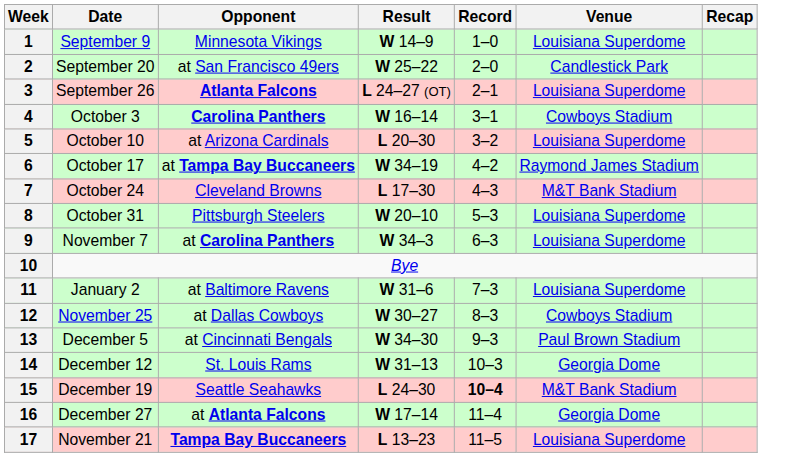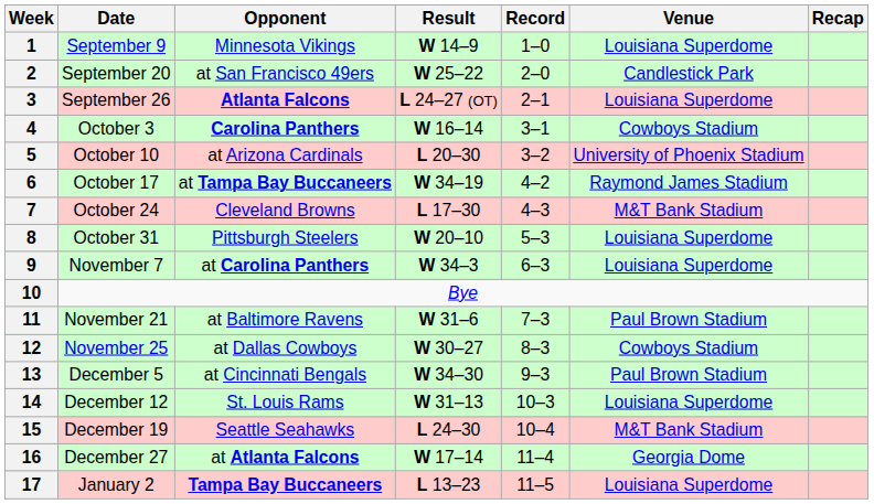 <table class="wikitable" style="text-align:center">
 <tr>
 <th>Week</th>
 <th>Date</th>
 <th>Opponent</th>
 <th>Result</th>
 <th>Record</th>
 <th>Venue</th>
 <th>Recap</th>
 </tr>
 <tr style="background:#cfc;">
 <th>1</th>
 <td style="text-align:center;"><a href='#'>September 9</a></td>
 <td style="text-align:center;"><a href='#'>Minnesota Vikings</a></td>
 <td style="text-align:center;"><strong>W</strong> 14–9</td>
 <td style="text-align:center;">1–0</td>
 <td style="text-align:center;"><a href='#'>Louisiana Superdome</a></td>
 <td style="text-align:center;"></td>
 </tr>
 <tr style="background:#cfc;">
 <th>2</th>
 <td style="text-align:center;">September 20</td>
 <td style="text-align:center;">at <a href='#'>San Francisco 49ers</a></td>
 <td style="text-align:center;"><strong>W</strong> 25–22</td>
 <td style="text-align:center;">2–0</td>
 <td style="text-align:center;"><a href='#'>Candlestick Park</a></td>
 <td style="text-align:center;"></td>
 </tr>
 <tr style="background:#fcc;">
 <th>3</th>
 <td style="text-align:center;">September 26</td>
 <td style="text-align:center;"><strong><a href='#'>Atlanta Falcons</a></strong></td>
 <td style="text-align:center;"><strong>L</strong> 24–27 <small>(OT)</small></td>
 <td style="text-align:center;">2–1</td>
 <td style="text-align:center;"><a href='#'>Louisiana Superdome</a></td>
 <td style="text-align:center;"></td>
 </tr>
 <tr style="background:#cfc;">
 <th>4</th>
 <td style="text-align:center;">October 3</td>
 <td style="text-align:center;"><strong><a href='#'>Carolina Panthers</a></strong></td>
 <td style="text-align:center;"><strong>W</strong> 16–14</td>
 <td style="text-align:center;">3–1</td>
 <td style="text-align:center;"><a href='#'>Cowboys Stadium</a></td>
 <td style="text-align:center;"></td>
 </tr>
 <tr style="background:#fcc;">
 <th>5</th>
 <td style="text-align:center;">October 10</td>
 <td style="text-align:center;">at <a href='#'>Arizona Cardinals</a></td>
 <td style="text-align:center;"><strong>L</strong> 20–30</td>
 <td style="text-align:center;">3–2</td>
-<td style="text-align:center;"><a href='#'>Louisiana Superdome</a></td>
+<td style="text-align:center;"><a href='#'>University of Phoenix Stadium</a></td>
 <td style="text-align:center;"></td>
 </tr>
 <tr style="background:#cfc;">
 <th>6</th>
 <td style="text-align:center;">October 17</td>
 <td style="text-align:center;">at <strong><a href='#'>Tampa Bay Buccaneers</a></strong></td>
 <td style="text-align:center;"><strong>W</strong> 34–19</td>
 <td style="text-align:center;">4–2</td>
 <td style="text-align:center;"><a href='#'>Raymond James Stadium</a></td>
 <td style="text-align:center;"></td>
 </tr>
 <tr style="background:#fcc;">
 <th>7</th>
 <td style="text-align:center;">October 24</td>
 <td style="text-align:center;"><a href='#'>Cleveland Browns</a></td>
 <td style="text-align:center;"><strong>L</strong> 17–30</td>
 <td style="text-align:center;">4–3</td>
 <td style="text-align:center;"><a href='#'>M&T Bank Stadium</a></td>
 <td style="text-align:center;"></td>
 </tr>
 <tr style="background:#cfc;">
 <th>8</th>
 <td style="text-align:center;">October 31</td>
 <td style="text-align:center;"><a href='#'>Pittsburgh Steelers</a></td>
 <td style="text-align:center;"><strong>W</strong> 20–10</td>
 <td style="text-align:center;">5–3</td>
 <td style="text-align:center;"><a href='#'>Louisiana Superdome</a></td>
 <td style="text-align:center;"></td>
 </tr>
 <tr style="background:#cfc;">
 <th>9</th>
 <td style="text-align:center;">November 7</td>
 <td style="text-align:center;">at <strong><a href='#'>Carolina Panthers</a></strong></td>
 <td style="text-align:center;"><strong>W</strong> 34–3</td>
 <td style="text-align:center;">6–3</td>
 <td style="text-align:center;"><a href='#'>Louisiana Superdome</a></td>
 <td style="text-align:center;"></td>
 </tr>
 <tr>
 <th>10</th>
 <td colspan="8" style="text-align:center;"><em><a href='#'>Bye</a></em></td>
 </tr>
 <tr style="background:#cfc;">
 <th>11</th>
-<td style="text-align:center;">January 2</td>
+<td style="text-align:center;">November 21</td>
 <td style="text-align:center;">at <a href='#'>Baltimore Ravens</a></td>
 <td style="text-align:center;"><strong>W</strong> 31–6</td>
 <td style="text-align:center;">7–3</td>
-<td style="text-align:center;"><a href='#'>Louisiana Superdome</a></td>
+<td style="text-align:center;"><a href='#'>Paul Brown Stadium</a></td>
 <td style="text-align:center;"></td>
 </tr>
 <tr style="background:#cfc;">
 <th>12</th>
 <td style="text-align:center;"><a href='#'>November 25</a></td>
 <td style="text-align:center;">at <a href='#'>Dallas Cowboys</a></td>
 <td style="text-align:center;"><strong>W</strong> 30–27</td>
 <td style="text-align:center;">8–3</td>
 <td style="text-align:center;"><a href='#'>Cowboys Stadium</a></td>
 <td style="text-align:center;"></td>
 </tr>
 <tr style="background:#cfc;">
 <th>13</th>
 <td style="text-align:center;">December 5</td>
 <td style="text-align:center;">at <a href='#'>Cincinnati Bengals</a></td>
 <td style="text-align:center;"><strong>W</strong> 34–30</td>
 <td style="text-align:center;">9–3</td>
 <td style="text-align:center;"><a href='#'>Paul Brown Stadium</a></td>
 <td style="text-align:center;"></td>
 </tr>
 <tr style="background:#cfc;">
 <th>14</th>
 <td style="text-align:center;">December 12</td>
 <td style="text-align:center;"><a href='#'>St. Louis Rams</a></td>
 <td style="text-align:center;"><strong>W</strong> 31–13</td>
 <td style="text-align:center;">10–3</td>
-<td style="text-align:center;"><a href='#'>Georgia Dome</a></td>
+<td style="text-align:center;"><a href='#'>Louisiana Superdome</a></td>
 <td style="text-align:center;"></td>
 </tr>
 <tr style="background:#fcc;">
 <th>15</th>
 <td style="text-align:center;">December 19</td>
 <td style="text-align:center;"><a href='#'>Seattle Seahawks</a></td>
 <td style="text-align:center;"><strong>L</strong> 24–30</td>
-<td style="text-align:center;"><strong>10–4</strong></td>
+<td style="text-align:center;">10–4</td>
 <td style="text-align:center;"><a href='#'>M&T Bank Stadium</a></td>
 <td style="text-align:center;"></td>
 </tr>
 <tr style="background:#cfc;">
 <th>16</th>
 <td style="text-align:center;">December 27</td>
 <td style="text-align:center;">at <strong><a href='#'>Atlanta Falcons</a></strong></td>
 <td style="text-align:center;"><strong>W</strong> 17–14</td>
 <td style="text-align:center;">11–4</td>
 <td style="text-align:center;"><a href='#'>Georgia Dome</a></td>
 <td style="text-align:center;"></td>
 </tr>
 <tr style="background:#fcc;">
 <th>17</th>
-<td style="text-align:center;">November 21</td>
+<td style="text-align:center;">January 2</td>
 <td style="text-align:center;"><strong><a href='#'>Tampa Bay Buccaneers</a></strong></td>
 <td style="text-align:center;"><strong>L</strong> 13–23</td>
 <td style="text-align:center;">11–5</td>
 <td style="text-align:center;"><a href='#'>Louisiana Superdome</a></td>
 <td style="text-align:center;"></td>
 </tr>
 </table>
